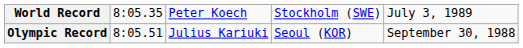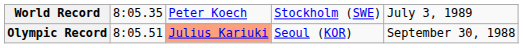 <table class="wikitable" style="font-size:95%;">
 <tr>
 <th>World Record</th>
 <td>8:05.35</td>
 <td> <a href='#'>Peter Koech</a></td>
 <td><a href='#'>Stockholm</a> (<a href='#'>SWE</a>)</td>
 <td>July 3, 1989</td>
 </tr>
 <tr>
 <th>Olympic Record</th>
 <td>8:05.51</td>
-<td> <a href='#'>Julius Kariuki</a></td>
+<td style="background: lightsalmon;"> <a href='#'>Julius Kariuki</a></td>
 <td><a href='#'>Seoul</a> (<a href='#'>KOR</a>)</td>
 <td>September 30, 1988</td>
 </tr>
 </table>
